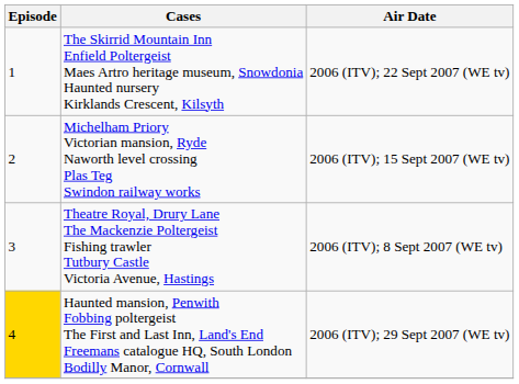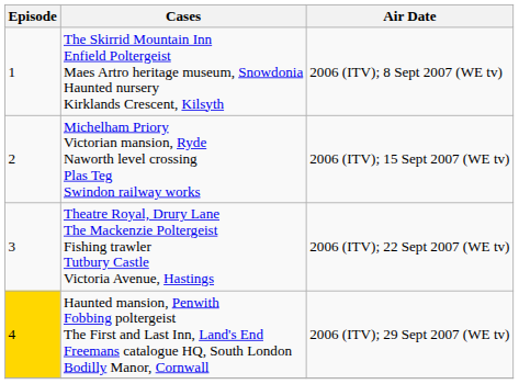 <table class="wikitable sortable">
 <tr>
 <th>Episode</th>
 <th>Cases</th>
 <th>Air Date</th>
 </tr>
 <tr>
 <td>1</td>
 <td><a href='#'>The Skirrid Mountain Inn</a><br><a href='#'>Enfield Poltergeist</a><br>Maes Artro heritage museum, <a href='#'>Snowdonia</a><br>Haunted nursery<br>Kirklands Crescent, <a href='#'>Kilsyth</a></td>
-<td>2006 (ITV); 22 Sept 2007 (WE tv)</td>
+<td>2006 (ITV); 8 Sept 2007 (WE tv)</td>
 </tr>
 <tr>
 <td>2</td>
 <td><a href='#'>Michelham Priory</a><br>Victorian mansion, <a href='#'>Ryde</a><br>Naworth level crossing<br><a href='#'>Plas Teg</a><br><a href='#'>Swindon railway works</a></td>
 <td>2006 (ITV); 15 Sept 2007 (WE tv)</td>
 </tr>
 <tr>
 <td>3</td>
 <td><a href='#'>Theatre Royal, Drury Lane</a><br><a href='#'>The Mackenzie Poltergeist</a><br>Fishing trawler<br><a href='#'>Tutbury Castle</a><br>Victoria Avenue, <a href='#'>Hastings</a></td>
-<td>2006 (ITV); 8 Sept 2007 (WE tv)</td>
+<td>2006 (ITV); 22 Sept 2007 (WE tv)</td>
 </tr>
 <tr>
 <td style="background: gold;">4</td>
 <td>Haunted mansion, <a href='#'>Penwith</a><br><a href='#'>Fobbing</a> poltergeist<br>The First and Last Inn, <a href='#'>Land's End</a><br><a href='#'>Freemans</a> catalogue HQ, South London<br><a href='#'>Bodilly</a> Manor, <a href='#'>Cornwall</a></td>
 <td>2006 (ITV); 29 Sept 2007 (WE tv)</td>
 </tr>
 <tr>
 </tr>
 </table>
